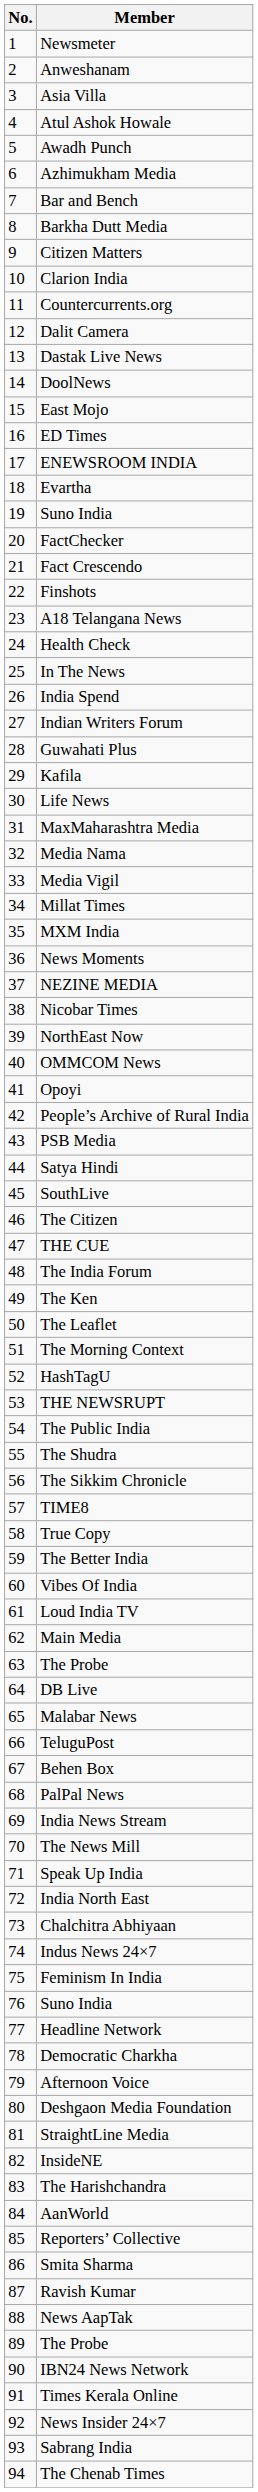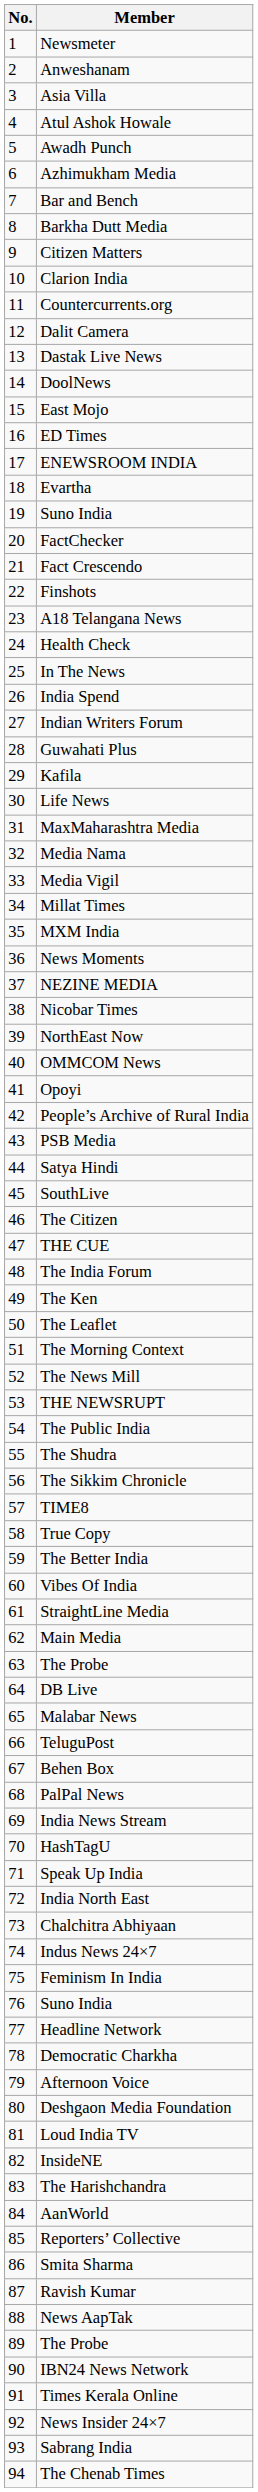 <table class="wikitable">
 <tr>
 <th>No.</th>
 <th>Member</th>
 </tr>
 <tr>
 <td>1</td>
 <td>Newsmeter</td>
 </tr>
 <tr>
 <td>2</td>
 <td>Anweshanam</td>
 </tr>
 <tr>
 <td>3</td>
 <td>Asia Villa</td>
 </tr>
 <tr>
 <td>4</td>
 <td>Atul Ashok Howale</td>
 </tr>
 <tr>
 <td>5</td>
 <td>Awadh Punch</td>
 </tr>
 <tr>
 <td>6</td>
 <td>Azhimukham Media</td>
 </tr>
 <tr>
 <td>7</td>
 <td>Bar and Bench</td>
 </tr>
 <tr>
 <td>8</td>
 <td>Barkha Dutt Media</td>
 </tr>
 <tr>
 <td>9</td>
 <td>Citizen Matters</td>
 </tr>
 <tr>
 <td>10</td>
 <td>Clarion India</td>
 </tr>
 <tr>
 <td>11</td>
 <td>Countercurrents.org</td>
 </tr>
 <tr>
 <td>12</td>
 <td>Dalit Camera</td>
 </tr>
 <tr>
 <td>13</td>
 <td>Dastak Live News</td>
 </tr>
 <tr>
 <td>14</td>
 <td>DoolNews</td>
 </tr>
 <tr>
 <td>15</td>
 <td>East Mojo</td>
 </tr>
 <tr>
 <td>16</td>
 <td>ED Times</td>
 </tr>
 <tr>
 <td>17</td>
 <td>ENEWSROOM INDIA</td>
 </tr>
 <tr>
 <td>18</td>
 <td>Evartha</td>
 </tr>
 <tr>
 <td>19</td>
 <td>Suno India</td>
 </tr>
 <tr>
 <td>20</td>
 <td>FactChecker</td>
 </tr>
 <tr>
 <td>21</td>
 <td>Fact Crescendo</td>
 </tr>
 <tr>
 <td>22</td>
 <td>Finshots</td>
 </tr>
 <tr>
 <td>23</td>
 <td>A18 Telangana News</td>
 </tr>
 <tr>
 <td>24</td>
 <td>Health Check</td>
 </tr>
 <tr>
 <td>25</td>
 <td>In The News</td>
 </tr>
 <tr>
 <td>26</td>
 <td>India Spend</td>
 </tr>
 <tr>
 <td>27</td>
 <td>Indian Writers Forum</td>
 </tr>
 <tr>
 <td>28</td>
 <td>Guwahati Plus</td>
 </tr>
 <tr>
 <td>29</td>
 <td>Kafila</td>
 </tr>
 <tr>
 <td>30</td>
 <td>Life News</td>
 </tr>
 <tr>
 <td>31</td>
 <td>MaxMaharashtra Media</td>
 </tr>
 <tr>
 <td>32</td>
 <td>Media Nama</td>
 </tr>
 <tr>
 <td>33</td>
 <td>Media Vigil</td>
 </tr>
 <tr>
 <td>34</td>
 <td>Millat Times</td>
 </tr>
 <tr>
 <td>35</td>
 <td>MXM India</td>
 </tr>
 <tr>
 <td>36</td>
 <td>News Moments</td>
 </tr>
 <tr>
 <td>37</td>
 <td>NEZINE MEDIA</td>
 </tr>
 <tr>
 <td>38</td>
 <td>Nicobar Times</td>
 </tr>
 <tr>
 <td>39</td>
 <td>NorthEast Now</td>
 </tr>
 <tr>
 <td>40</td>
 <td>OMMCOM News</td>
 </tr>
 <tr>
 <td>41</td>
 <td>Opoyi</td>
 </tr>
 <tr>
 <td>42</td>
 <td>People’s Archive of Rural India</td>
 </tr>
 <tr>
 <td>43</td>
 <td>PSB Media</td>
 </tr>
 <tr>
 <td>44</td>
 <td>Satya Hindi</td>
 </tr>
 <tr>
 <td>45</td>
 <td>SouthLive</td>
 </tr>
 <tr>
 <td>46</td>
 <td>The Citizen</td>
 </tr>
 <tr>
 <td>47</td>
 <td>THE CUE</td>
 </tr>
 <tr>
 <td>48</td>
 <td>The India Forum</td>
 </tr>
 <tr>
 <td>49</td>
 <td>The Ken</td>
 </tr>
 <tr>
 <td>50</td>
 <td>The Leaflet</td>
 </tr>
 <tr>
 <td>51</td>
 <td>The Morning Context</td>
 </tr>
 <tr>
 <td>52</td>
-<td>HashTagU</td>
+<td>The News Mill</td>
 </tr>
 <tr>
 <td>53</td>
 <td>THE NEWSRUPT</td>
 </tr>
 <tr>
 <td>54</td>
 <td>The Public India</td>
 </tr>
 <tr>
 <td>55</td>
 <td>The Shudra</td>
 </tr>
 <tr>
 <td>56</td>
 <td>The Sikkim Chronicle</td>
 </tr>
 <tr>
 <td>57</td>
 <td>TIME8</td>
 </tr>
 <tr>
 <td>58</td>
 <td>True Copy</td>
 </tr>
 <tr>
 <td>59</td>
 <td>The Better India</td>
 </tr>
 <tr>
 <td>60</td>
 <td>Vibes Of India</td>
 </tr>
 <tr>
 <td>61</td>
-<td>Loud India TV</td>
+<td>StraightLine Media</td>
 </tr>
 <tr>
 <td>62</td>
 <td>Main Media</td>
 </tr>
 <tr>
 <td>63</td>
 <td>The Probe</td>
 </tr>
 <tr>
 <td>64</td>
 <td>DB Live</td>
 </tr>
 <tr>
 <td>65</td>
 <td>Malabar News</td>
 </tr>
 <tr>
 <td>66</td>
 <td>TeluguPost</td>
 </tr>
 <tr>
 <td>67</td>
 <td>Behen Box</td>
 </tr>
 <tr>
 <td>68</td>
 <td>PalPal News</td>
 </tr>
 <tr>
 <td>69</td>
 <td>India News Stream</td>
 </tr>
 <tr>
 <td>70</td>
-<td>The News Mill</td>
+<td>HashTagU</td>
 </tr>
 <tr>
 <td>71</td>
 <td>Speak Up India</td>
 </tr>
 <tr>
 <td>72</td>
 <td>India North East</td>
 </tr>
 <tr>
 <td>73</td>
 <td>Chalchitra Abhiyaan</td>
 </tr>
 <tr>
 <td>74</td>
 <td>Indus News 24×7</td>
 </tr>
 <tr>
 <td>75</td>
 <td>Feminism In India</td>
 </tr>
 <tr>
 <td>76</td>
 <td>Suno India</td>
 </tr>
 <tr>
 <td>77</td>
 <td>Headline Network</td>
 </tr>
 <tr>
 <td>78</td>
 <td>Democratic Charkha</td>
 </tr>
 <tr>
 <td>79</td>
 <td>Afternoon Voice</td>
 </tr>
 <tr>
 <td>80</td>
 <td>Deshgaon Media Foundation</td>
 </tr>
 <tr>
 <td>81</td>
-<td>StraightLine Media</td>
+<td>Loud India TV</td>
 </tr>
 <tr>
 <td>82</td>
 <td>InsideNE</td>
 </tr>
 <tr>
 <td>83</td>
 <td>The Harishchandra</td>
 </tr>
 <tr>
 <td>84</td>
 <td>AanWorld</td>
 </tr>
 <tr>
 <td>85</td>
 <td>Reporters’ Collective</td>
 </tr>
 <tr>
 <td>86</td>
 <td>Smita Sharma</td>
 </tr>
 <tr>
 <td>87</td>
 <td>Ravish Kumar</td>
 </tr>
 <tr>
 <td>88</td>
 <td>News AapTak</td>
 </tr>
 <tr>
 <td>89</td>
 <td>The Probe</td>
 </tr>
 <tr>
 <td>90</td>
 <td>IBN24 News Network</td>
 </tr>
 <tr>
 <td>91</td>
 <td>Times Kerala Online</td>
 </tr>
 <tr>
 <td>92</td>
 <td>News Insider 24×7</td>
 </tr>
 <tr>
 <td>93</td>
 <td>Sabrang India</td>
 </tr>
 <tr>
 <td>94</td>
 <td>The Chenab Times</td>
 </tr>
 </table>
